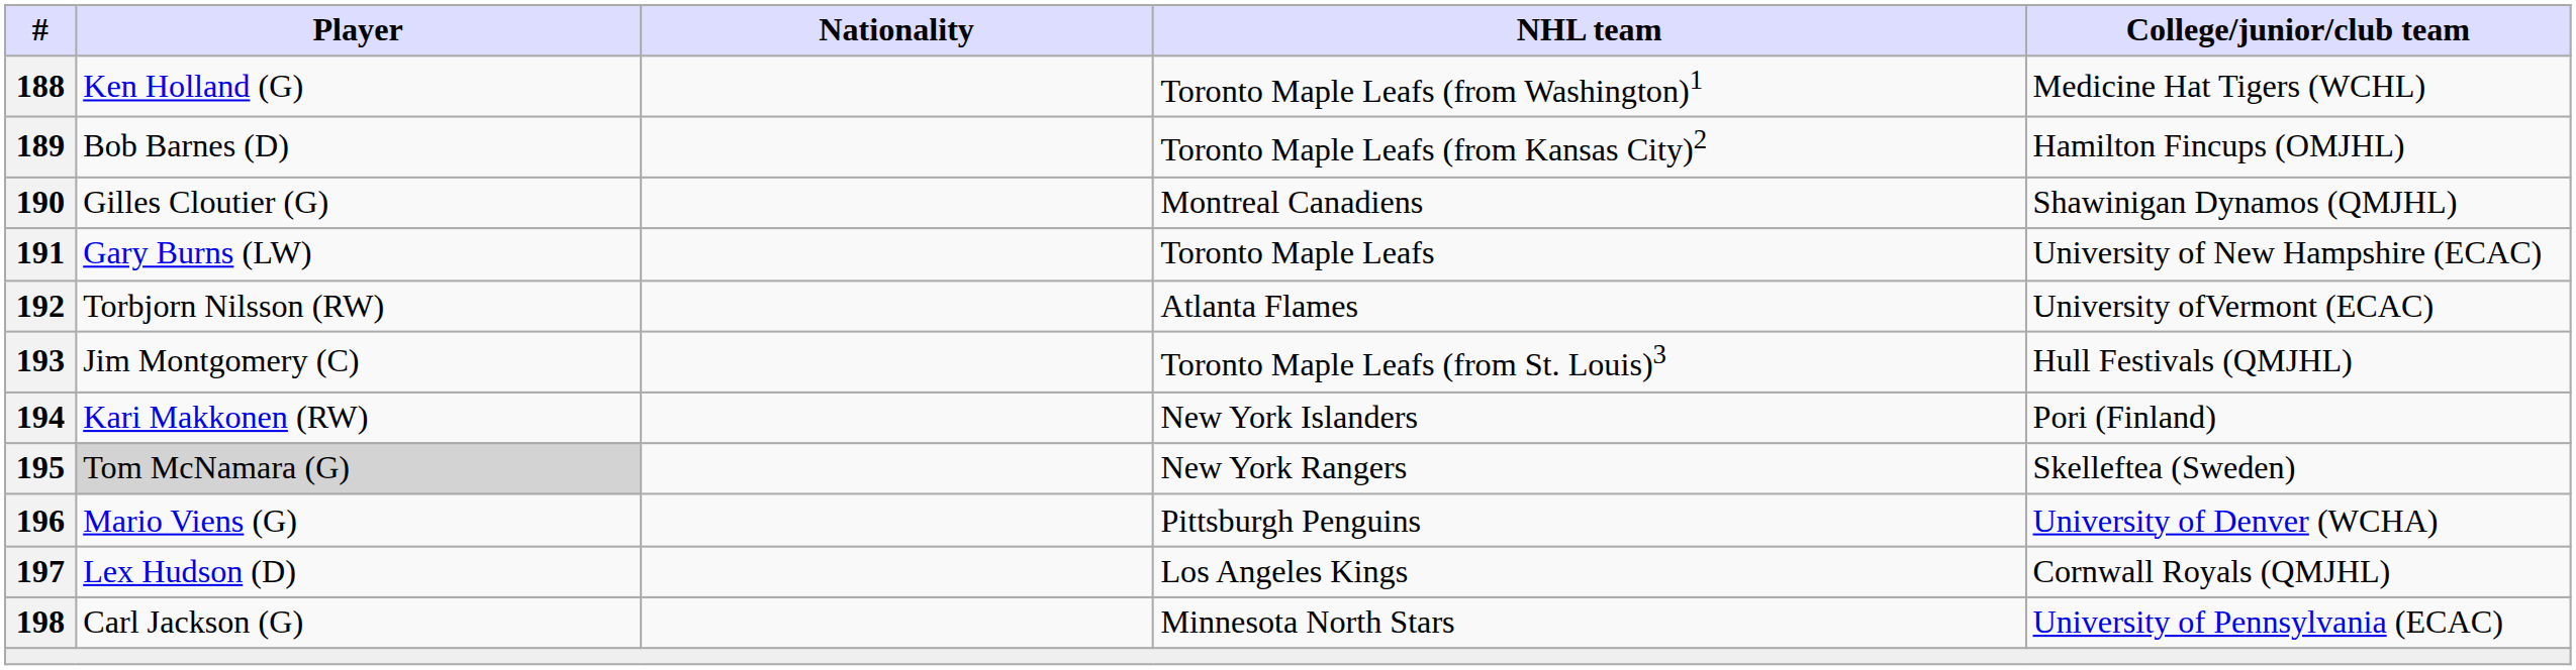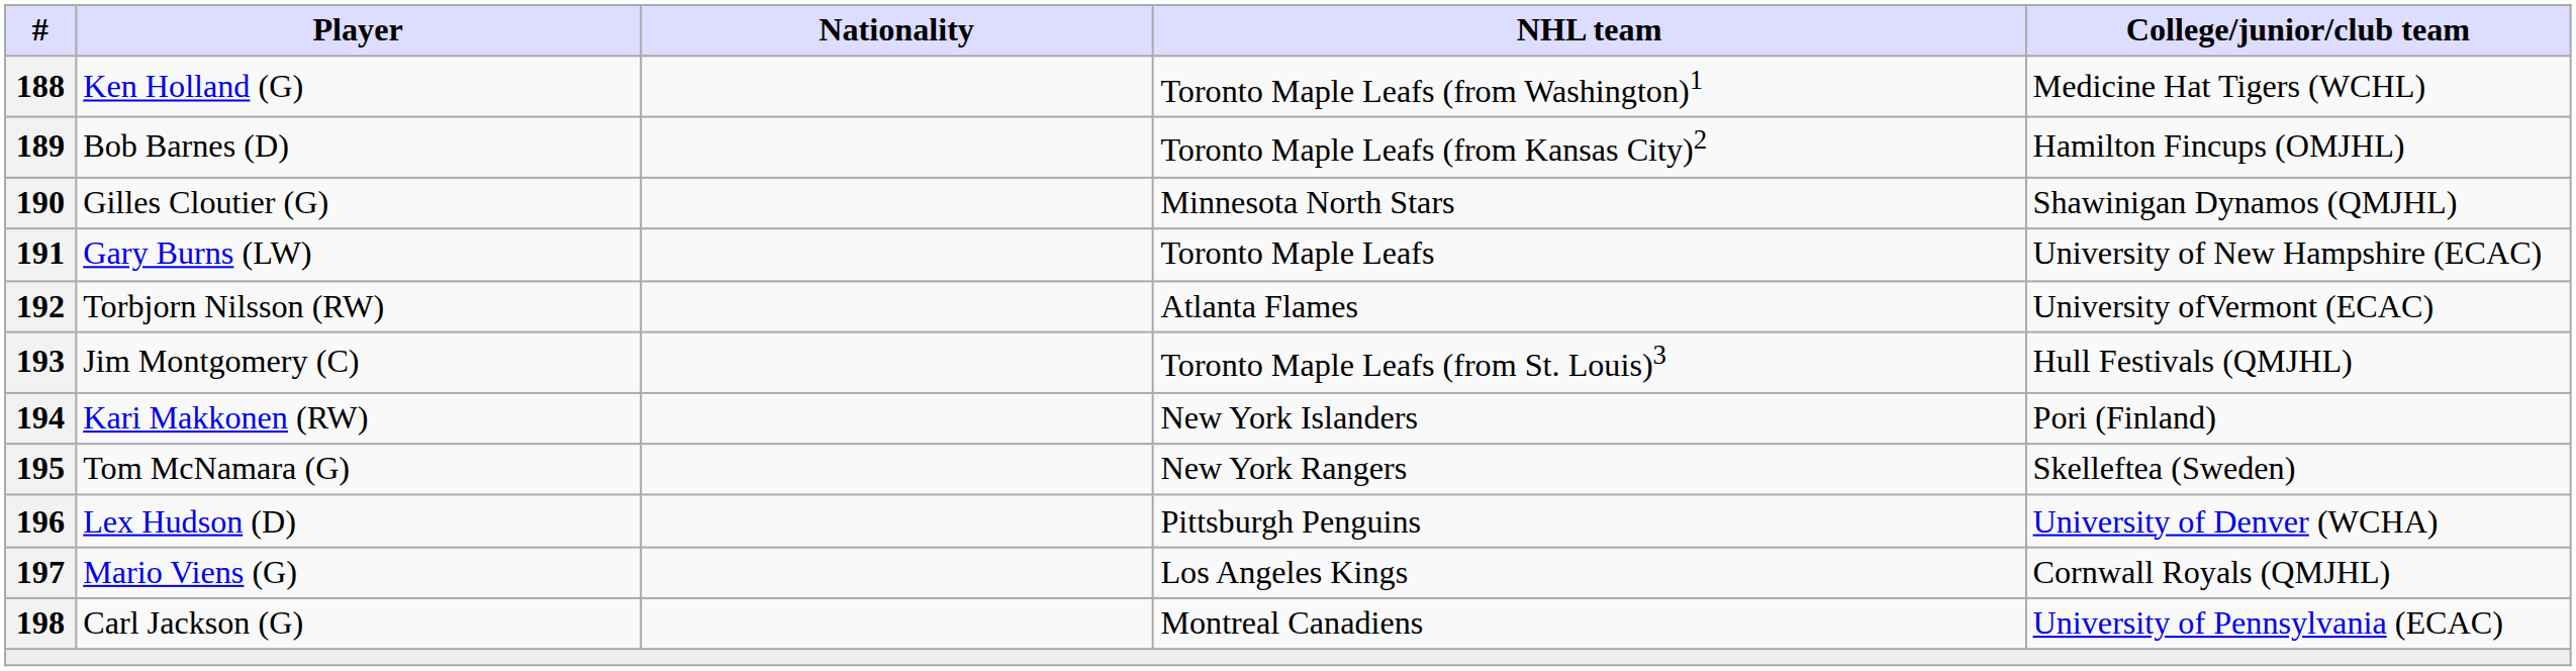 <table class="wikitable" style="width: 100%">
 <tr>
 <th style="background:#ddf; width:2.75%;">#</th>
 <th style="background:#ddf; width:22.0%;">Player</th>
 <th style="background:#ddf; width:20.0%;">Nationality</th>
 <th style="background:#ddf; width:34.0%;">NHL team</th>
 <th style="background:#ddf; width:100.0%;">College/junior/club team</th>
 </tr>
 <tr>
 <th>188</th>
 <td><a href='#'>Ken Holland</a> (G)</td>
 <td></td>
 <td>Toronto Maple Leafs (from Washington)<sup>1</sup></td>
 <td>Medicine Hat Tigers (WCHL)</td>
 </tr>
 <tr>
 <th>189</th>
 <td>Bob Barnes (D)</td>
 <td></td>
 <td>Toronto Maple Leafs (from Kansas City)<sup>2</sup></td>
 <td>Hamilton Fincups (OMJHL)</td>
 </tr>
 <tr>
 <th>190</th>
 <td>Gilles Cloutier (G)</td>
 <td></td>
-<td>Montreal Canadiens</td>
+<td>Minnesota North Stars</td>
 <td>Shawinigan Dynamos (QMJHL)</td>
 </tr>
 <tr>
 <th>191</th>
 <td><a href='#'>Gary Burns</a> (LW)</td>
 <td></td>
 <td>Toronto Maple Leafs</td>
 <td>University of New Hampshire (ECAC)</td>
 </tr>
 <tr>
 <th>192</th>
 <td>Torbjorn Nilsson (RW)</td>
 <td></td>
 <td>Atlanta Flames</td>
 <td>University ofVermont (ECAC)</td>
 </tr>
 <tr>
 <th>193</th>
 <td>Jim Montgomery (C)</td>
 <td></td>
 <td>Toronto Maple Leafs (from St. Louis)<sup>3</sup></td>
 <td>Hull Festivals (QMJHL)</td>
 </tr>
 <tr>
 <th>194</th>
 <td><a href='#'>Kari Makkonen</a> (RW)</td>
 <td></td>
 <td>New York Islanders</td>
 <td>Pori (Finland)</td>
 </tr>
 <tr>
 <th>195</th>
-<td style="background: lightgrey;">Tom McNamara (G)</td>
+<td>Tom McNamara (G)</td>
 <td></td>
 <td>New York Rangers</td>
 <td>Skelleftea (Sweden)</td>
 </tr>
 <tr>
 <th>196</th>
-<td><a href='#'>Mario Viens</a> (G)</td>
+<td><a href='#'>Lex Hudson</a> (D)</td>
 <td></td>
 <td>Pittsburgh Penguins</td>
 <td><a href='#'>University of Denver</a> (WCHA)</td>
 </tr>
 <tr>
 <th>197</th>
-<td><a href='#'>Lex Hudson</a> (D)</td>
+<td><a href='#'>Mario Viens</a> (G)</td>
 <td></td>
 <td>Los Angeles Kings</td>
 <td>Cornwall Royals (QMJHL)</td>
 </tr>
 <tr>
 <th>198</th>
 <td>Carl Jackson (G)</td>
 <td></td>
-<td>Minnesota North Stars</td>
+<td>Montreal Canadiens</td>
 <td><a href='#'>University of Pennsylvania</a> (ECAC)</td>
 </tr>
 <tr>
 <td align=center colspan="6" bgcolor="#efefef"></td>
 </tr>
 </table>
